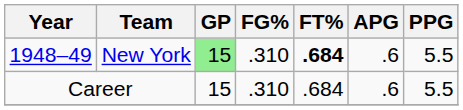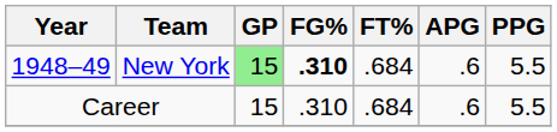 <table class="wikitable sortable" style="font-size:95%; text-align:right;">
 <tr>
 <th>Year</th>
 <th>Team</th>
 <th>GP</th>
 <th>FG%</th>
 <th>FT%</th>
 <th>APG</th>
 <th>PPG</th>
 </tr>
 <tr>
 <td style="text-align:left;"><a href='#'>1948–49</a></td>
 <td style="text-align:left;"><a href='#'>New York</a></td>
 <td style="background: lightgreen;">15</td>
-<td>.310</td>
-<td><strong>.684</strong></td>
+<td><strong>.310</strong></td>
+<td>.684</td>
 <td>.6</td>
 <td>5.5</td>
 </tr>
 <tr>
 <td style="text-align:center;" colspan="2">Career</td>
 <td>15</td>
 <td>.310</td>
 <td>.684</td>
 <td>.6</td>
 <td>5.5</td>
 </tr>
 <tr>
 </tr>
 </table>
